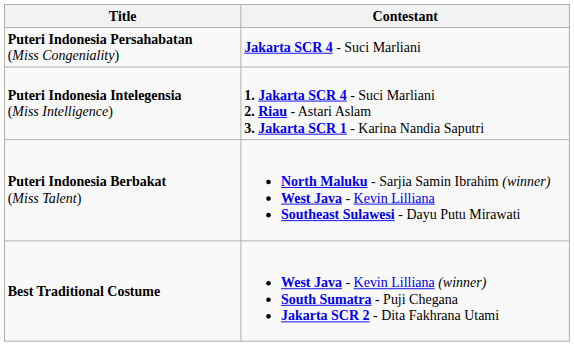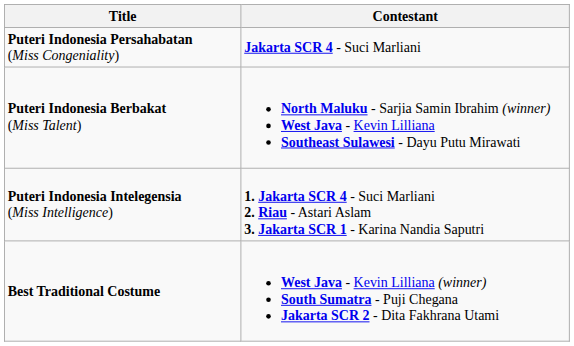 <table class="wikitable sortable" style="font-size:95%;">
 <tr>
 <th width="250">Title</th>
 <th width="350">Contestant</th>
 </tr>
 <tr>
 <td><strong>Puteri Indonesia Persahabatan</strong><br>(<em>Miss Congeniality</em>)</td>
 <td> <strong><a href='#'>Jakarta SCR 4</a></strong> - Suci Marliani</td>
 </tr>
 <tr>
+<td><strong>Puteri Indonesia Berbakat</strong><br>(<em>Miss Talent</em>)</td>
+<td><br><ul><li> <strong><a href='#'>North Maluku</a></strong> - Sarjia Samin Ibrahim <em>(winner)</em></li><li> <strong><a href='#'>West Java</a></strong> - <a href='#'>Kevin Lilliana</a></li><li> <strong><a href='#'>Southeast Sulawesi</a></strong> - Dayu Putu Mirawati</li></ul></td>
+</tr>
+<tr>
 <td><strong>Puteri Indonesia Intelegensia</strong><br> (<em>Miss Intelligence</em>)</td>
 <td><br><strong>1.</strong>  <strong><a href='#'>Jakarta SCR 4</a></strong> - Suci Marliani<br> <strong>2.</strong>  <strong><a href='#'>Riau</a></strong> - Astari Aslam<br> <strong>3.</strong>  <strong><a href='#'>Jakarta SCR 1</a></strong> - Karina Nandia Saputri<br></td>
-</tr>
-<tr>
-<td><strong>Puteri Indonesia Berbakat</strong><br>(<em>Miss Talent</em>)</td>
-<td><br><ul><li> <strong><a href='#'>North Maluku</a></strong> - Sarjia Samin Ibrahim <em>(winner)</em></li><li> <strong><a href='#'>West Java</a></strong> - <a href='#'>Kevin Lilliana</a></li><li> <strong><a href='#'>Southeast Sulawesi</a></strong> - Dayu Putu Mirawati</li></ul></td>
 </tr>
 <tr>
 <td><strong>Best Traditional Costume</strong></td>
 <td><br><ul><li> <strong><a href='#'>West Java</a></strong> - <a href='#'>Kevin Lilliana</a> <em>(winner)</em></li><li> <strong><a href='#'>South Sumatra</a></strong> - Puji Chegana</li><li> <strong><a href='#'>Jakarta SCR 2</a></strong> - Dita Fakhrana Utami</li></ul></td>
 </tr>
 </table>
